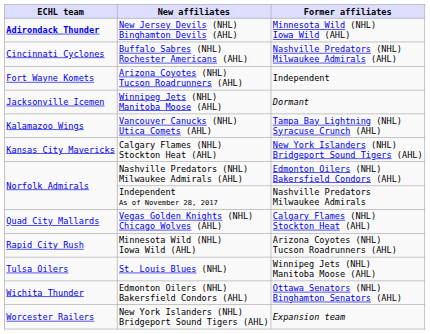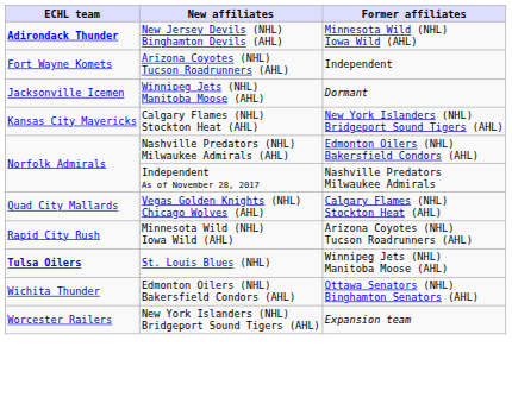 <table class="wikitable">
 <tr>
 <th style="background:#ddf">ECHL team</th>
 <th style="background:#ddf">New affiliates</th>
 <th style="background:#ddf">Former affiliates</th>
 </tr>
 <tr>
 <td><strong><a href='#'>Adirondack Thunder</a></strong></td>
 <td><a href='#'>New Jersey Devils</a> (NHL)<br><a href='#'>Binghamton Devils</a> (AHL)</td>
 <td><a href='#'>Minnesota Wild</a> (NHL)<br><a href='#'>Iowa Wild</a> (AHL)</td>
 </tr>
 <tr>
-<td><a href='#'>Cincinnati Cyclones</a></td>
-<td><a href='#'>Buffalo Sabres</a> (NHL)<br><a href='#'>Rochester Americans</a> (AHL)</td>
-<td><a href='#'>Nashville Predators</a> (NHL)<br><a href='#'>Milwaukee Admirals</a> (AHL)</td>
-</tr>
-<tr>
 <td><a href='#'>Fort Wayne Komets</a></td>
 <td><a href='#'>Arizona Coyotes</a> (NHL)<br><a href='#'>Tucson Roadrunners</a> (AHL)</td>
 <td>Independent</td>
 </tr>
 <tr>
 <td><a href='#'>Jacksonville Icemen</a></td>
 <td><a href='#'>Winnipeg Jets</a> (NHL)<br><a href='#'>Manitoba Moose</a> (AHL)</td>
 <td><em>Dormant</em></td>
-</tr>
-<tr>
-<td><a href='#'>Kalamazoo Wings</a></td>
-<td><a href='#'>Vancouver Canucks</a> (NHL)<br><a href='#'>Utica Comets</a> (AHL)</td>
-<td><a href='#'>Tampa Bay Lightning</a> (NHL)<br><a href='#'>Syracuse Crunch</a> (AHL)</td>
 </tr>
 <tr>
 <td><a href='#'>Kansas City Mavericks</a></td>
 <td>Calgary Flames (NHL)<br>Stockton Heat (AHL)</td>
 <td><a href='#'>New York Islanders</a> (NHL)<br><a href='#'>Bridgeport Sound Tigers</a> (AHL)</td>
 </tr>
 <tr>
 <td rowspan=2><a href='#'>Norfolk Admirals</a></td>
 <td>Nashville Predators (NHL)<br>Milwaukee Admirals (AHL)</td>
 <td><a href='#'>Edmonton Oilers</a> (NHL)<br><a href='#'>Bakersfield Condors</a> (AHL)</td>
 </tr>
 <tr>
 <td>Independent<br><small>As of November 28, 2017</small></td>
 <td>Nashville Predators<br>Milwaukee Admirals</td>
 </tr>
 <tr>
 <td><a href='#'>Quad City Mallards</a></td>
 <td><a href='#'>Vegas Golden Knights</a> (NHL)<br><a href='#'>Chicago Wolves</a> (AHL)</td>
 <td><a href='#'>Calgary Flames</a> (NHL)<br><a href='#'>Stockton Heat</a> (AHL)</td>
 </tr>
 <tr>
 <td><a href='#'>Rapid City Rush</a></td>
 <td>Minnesota Wild (NHL)<br>Iowa Wild (AHL)</td>
 <td>Arizona Coyotes (NHL)<br>Tucson Roadrunners (AHL)</td>
 </tr>
 <tr>
-<td><a href='#'>Tulsa Oilers</a></td>
+<td><strong><a href='#'>Tulsa Oilers</a></strong></td>
 <td><a href='#'>St. Louis Blues</a> (NHL)</td>
 <td>Winnipeg Jets (NHL)<br>Manitoba Moose (AHL)</td>
 </tr>
 <tr>
 <td><a href='#'>Wichita Thunder</a></td>
 <td>Edmonton Oilers (NHL)<br>Bakersfield Condors (AHL)</td>
 <td><a href='#'>Ottawa Senators</a> (NHL)<br><a href='#'>Binghamton Senators</a> (AHL)</td>
 </tr>
 <tr>
 <td><a href='#'>Worcester Railers</a></td>
 <td>New York Islanders (NHL)<br>Bridgeport Sound Tigers (AHL)</td>
 <td><em>Expansion team</em></td>
 </tr>
 </table>
